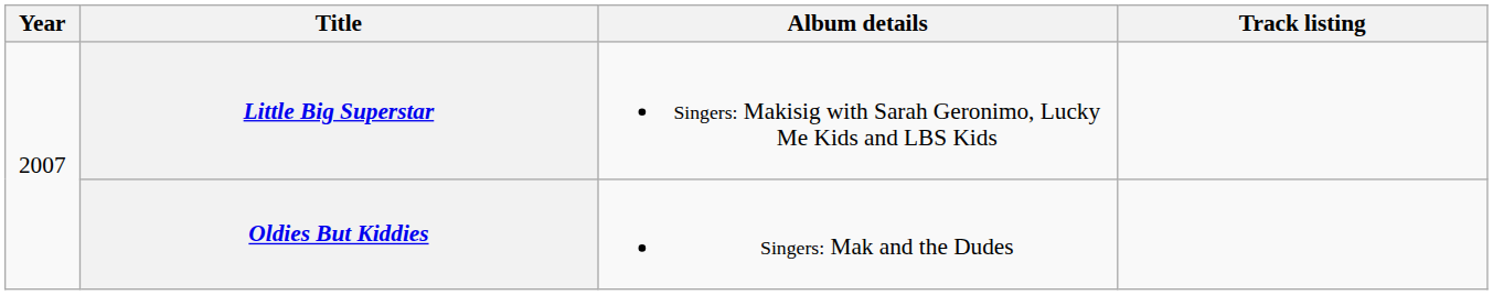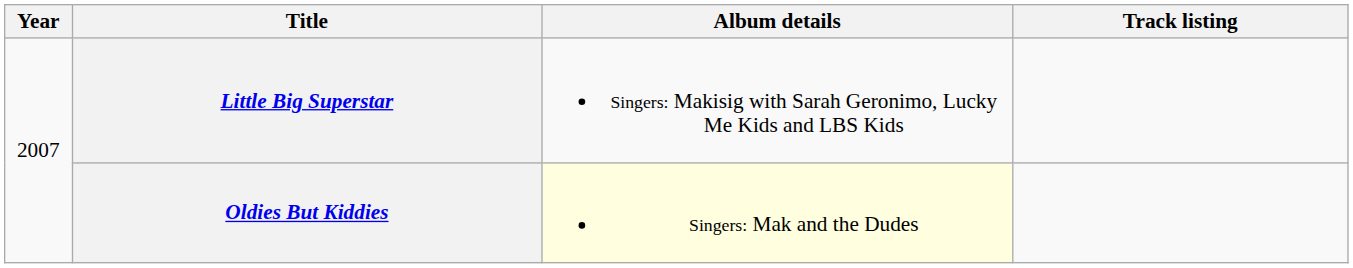 <table class="wikitable plainrowheaders" style="width:80%; text-align:center">
 <tr>
 <th width=5%>Year</th>
 <th width=35%>Title</th>
 <th width=35%>Album details</th>
 <th width=25%>Track listing</th>
 </tr>
 <tr>
 <td rowspan=2>2007</td>
 <th scope=row><strong><em><a href='#'>Little Big Superstar</a></em></strong></th>
 <td><br><ul><li><small>Singers:</small> Makisig with Sarah Geronimo, Lucky Me Kids and LBS Kids</li></ul></td>
 <td style="font-size: 85%;"></td>
 </tr>
 <tr>
 <th scope=row><strong><em><a href='#'>Oldies But Kiddies</a></em></strong></th>
-<td><br><ul><li><small>Singers:</small> Mak and the Dudes</li></ul></td>
+<td style="background: lightyellow;"><br><ul><li><small>Singers:</small> Mak and the Dudes</li></ul></td>
 <td style="font-size: 85%;"></td>
 </tr>
 </table>
